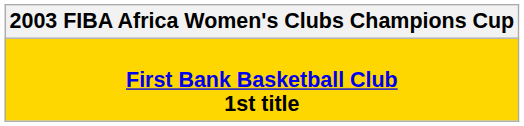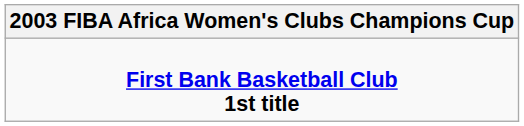 <table class=wikitable style="text-align:center; margin:auto">
 <tr>
 <th>2003 FIBA Africa Women's Clubs Champions Cup</th>
 </tr>
 <tr>
-<td style="background: gold;"><br><strong><a href='#'>First Bank Basketball Club</a></strong><br><strong>1st title</strong></td>
+<td><br><strong><a href='#'>First Bank Basketball Club</a></strong><br><strong>1st title</strong></td>
 </tr>
 </table>
